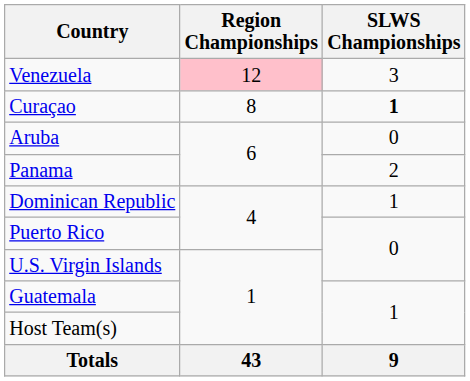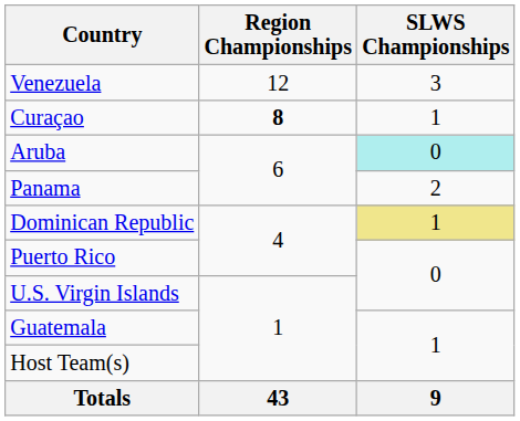 <table class="wikitable">
 <tr>
 <th>Country</th>
 <th>Region<br>Championships</th>
 <th>SLWS<br>Championships</th>
 </tr>
 <tr>
 <td> <a href='#'>Venezuela</a></td>
-<td align=center style="background: pink;">12</td>
+<td align=center>12</td>
 <td align=center>3</td>
 </tr>
 <tr>
 <td> <a href='#'>Curaçao</a></td>
-<td align=center>8</td>
-<td align=center><strong>1</strong></td>
+<td align=center><strong>8</strong></td>
+<td align=center>1</td>
 </tr>
 <tr>
 <td> <a href='#'>Aruba</a></td>
 <td align=center rowspan=2>6</td>
-<td align=center>0</td>
+<td align=center style="background: paleturquoise;">0</td>
 </tr>
 <tr>
 <td> <a href='#'>Panama</a></td>
 <td align=center>2</td>
 </tr>
 <tr>
 <td> <a href='#'>Dominican Republic</a></td>
 <td align=center rowspan=2>4</td>
-<td align=center>1</td>
+<td align=center style="background: khaki;">1</td>
 </tr>
 <tr>
 <td> <a href='#'>Puerto Rico</a></td>
 <td align=center rowspan=2>0</td>
 </tr>
 <tr>
 <td> <a href='#'>U.S. Virgin Islands</a></td>
 <td align=center rowspan=3>1</td>
 </tr>
 <tr>
 <td> <a href='#'>Guatemala</a></td>
 <td align=center rowspan=2>1</td>
 </tr>
 <tr>
 <td> Host Team(s)</td>
 </tr>
 <tr>
 <th>Totals</th>
 <th>43</th>
 <th>9</th>
 </tr>
 </table>
